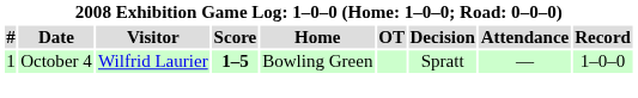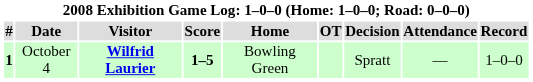 <table class="toccolours collapsible collapsed" width=90% style="clear:both; margin:1.5em auto; text-align:center">
 <tr>
 <th colspan=11>2008 Exhibition Game Log: 1–0–0 (Home: 1–0–0; Road: 0–0–0)</th>
 </tr>
 <tr align="center"  bgcolor="#dddddd">
 <th>#</th>
 <th>Date</th>
 <th>Visitor</th>
 <th>Score</th>
 <th>Home</th>
 <th>OT</th>
 <th>Decision</th>
 <th>Attendance</th>
 <th>Record</th>
 </tr>
 <tr align="center" bgcolor="#ccffcc">
-<td>1</td>
+<td><strong>1</strong></td>
 <td>October 4</td>
-<td><a href='#'>Wilfrid Laurier</a></td>
+<td><strong><a href='#'>Wilfrid Laurier</a></strong></td>
 <td><strong>1–5</strong></td>
 <td>Bowling Green</td>
 <td></td>
 <td>Spratt</td>
 <td>—</td>
 <td>1–0–0</td>
 </tr>
 </table>
